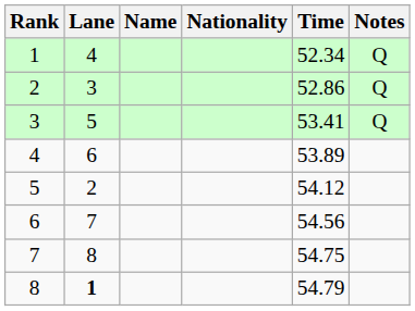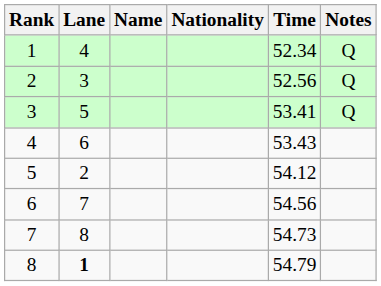 <table class="wikitable sortable" style="text-align:center">
 <tr>
 <th>Rank</th>
 <th>Lane</th>
 <th>Name</th>
 <th>Nationality</th>
 <th>Time</th>
 <th>Notes</th>
 </tr>
 <tr bgcolor="ccffcc">
 <td>1</td>
 <td>4</td>
 <td align="left"></td>
 <td align="left"></td>
 <td>52.34</td>
 <td>Q</td>
 </tr>
 <tr bgcolor="ccffcc">
 <td>2</td>
 <td>3</td>
 <td align="left"></td>
 <td align="left"></td>
-<td>52.86</td>
+<td>52.56</td>
 <td>Q</td>
 </tr>
 <tr bgcolor="ccffcc">
 <td>3</td>
 <td>5</td>
 <td align="left"></td>
 <td align="left"></td>
 <td>53.41</td>
 <td>Q</td>
 </tr>
 <tr>
 <td>4</td>
 <td>6</td>
 <td align="left"></td>
 <td align="left"></td>
-<td>53.89</td>
+<td>53.43</td>
 <td></td>
 </tr>
 <tr>
 <td>5</td>
 <td>2</td>
 <td align="left"></td>
 <td align="left"></td>
 <td>54.12</td>
 <td></td>
 </tr>
 <tr>
 <td>6</td>
 <td>7</td>
 <td align="left"></td>
 <td align="left"></td>
 <td>54.56</td>
 <td></td>
 </tr>
 <tr>
 <td>7</td>
 <td>8</td>
 <td align="left"></td>
 <td align="left"></td>
-<td>54.75</td>
+<td>54.73</td>
 <td></td>
 </tr>
 <tr>
 <td>8</td>
 <td><strong>1</strong></td>
 <td align="left"></td>
 <td align="left"></td>
 <td>54.79</td>
 <td></td>
 </tr>
 </table>
